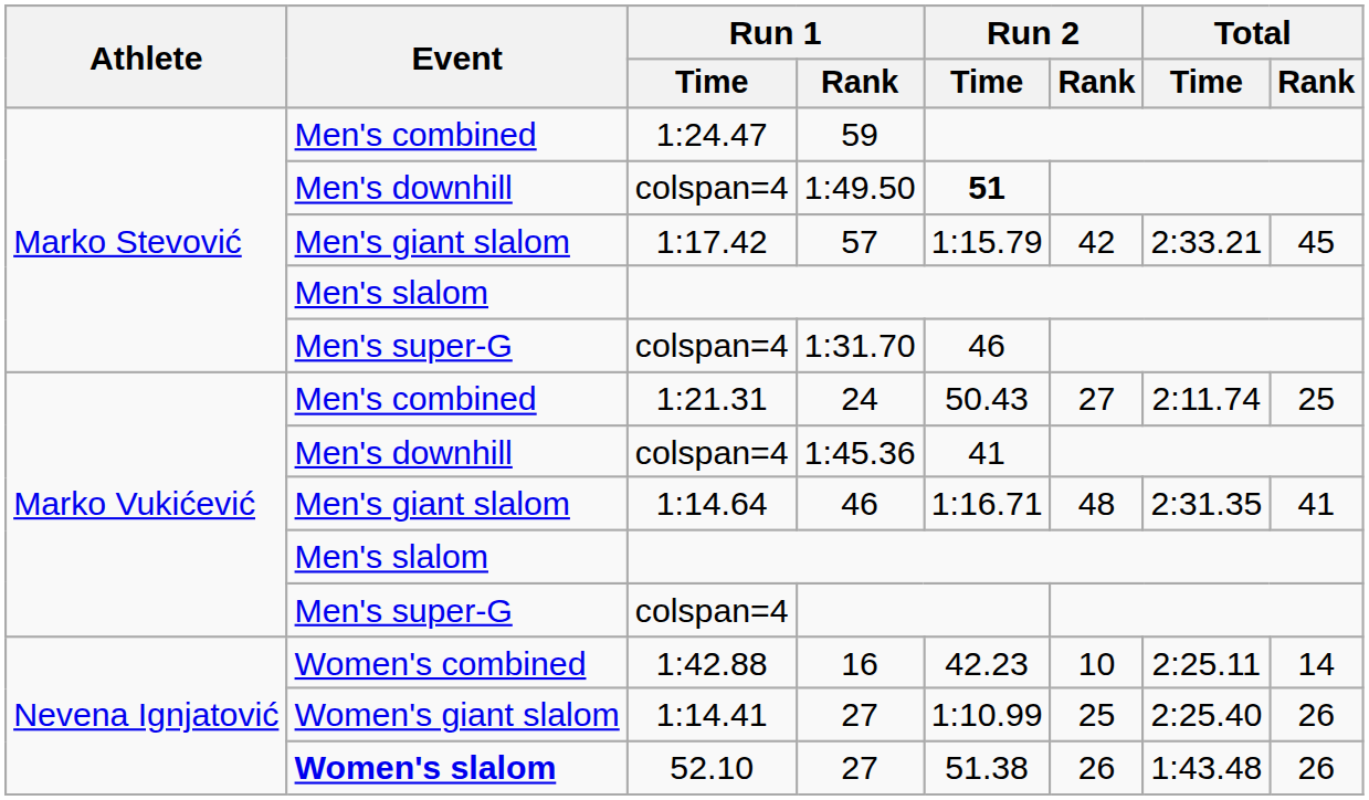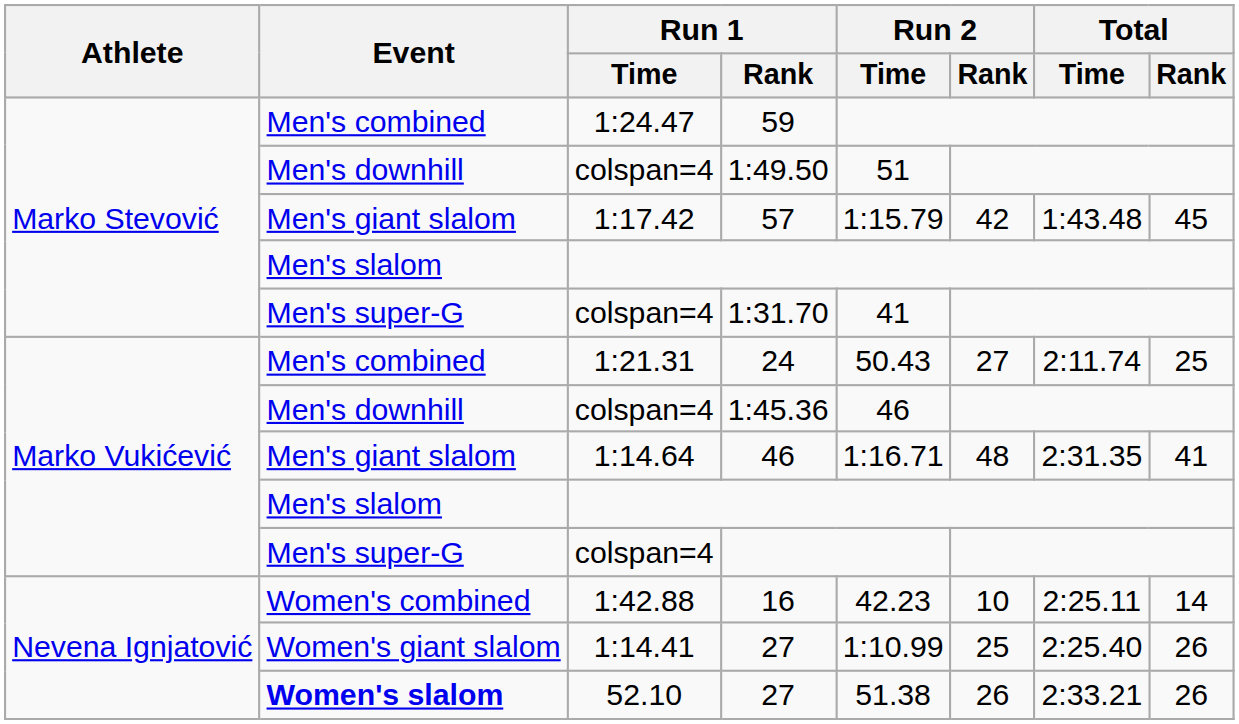 <table class="wikitable" style="font-size:90%">
 <tr>
 <th rowspan=2>Athlete</th>
 <th rowspan=2>Event</th>
 <th colspan=2>Run 1</th>
 <th colspan=2>Run 2</th>
 <th colspan=2>Total</th>
 </tr>
 <tr style="font-size:95%">
 <th>Time</th>
 <th>Rank</th>
 <th>Time</th>
 <th>Rank</th>
 <th>Time</th>
 <th>Rank</th>
 </tr>
 <tr align=center>
 <td style="text-align:left;" rowspan="5"><a href='#'>Marko Stevović</a></td>
 <td align=left><a href='#'>Men's combined</a></td>
 <td>1:24.47</td>
 <td>59</td>
 <td colspan=4></td>
 </tr>
 <tr align=center>
 <td align=left><a href='#'>Men's downhill</a></td>
 <td>colspan=4 </td>
 <td>1:49.50</td>
-<td><strong>51</strong></td>
+<td>51</td>
 </tr>
 <tr align=center>
 <td align=left><a href='#'>Men's giant slalom</a></td>
 <td>1:17.42</td>
 <td>57</td>
 <td>1:15.79</td>
 <td>42</td>
-<td>2:33.21</td>
+<td>1:43.48</td>
 <td>45</td>
 </tr>
 <tr align=center>
 <td align=left><a href='#'>Men's slalom</a></td>
 <td colspan=6></td>
 </tr>
 <tr align=center>
 <td align=left><a href='#'>Men's super-G</a></td>
 <td>colspan=4 </td>
 <td>1:31.70</td>
-<td>46</td>
+<td>41</td>
 </tr>
 <tr align=center>
 <td align=left rowspan=5><a href='#'>Marko Vukićević</a></td>
 <td align=left><a href='#'>Men's combined</a></td>
 <td>1:21.31</td>
 <td>24</td>
 <td>50.43</td>
 <td>27</td>
 <td>2:11.74</td>
 <td>25</td>
 </tr>
 <tr align=center>
 <td align=left><a href='#'>Men's downhill</a></td>
 <td>colspan=4 </td>
 <td>1:45.36</td>
-<td>41</td>
+<td>46</td>
 </tr>
 <tr align=center>
 <td align=left><a href='#'>Men's giant slalom</a></td>
 <td>1:14.64</td>
 <td>46</td>
 <td>1:16.71</td>
 <td>48</td>
 <td>2:31.35</td>
 <td>41</td>
 </tr>
 <tr align=center>
 <td align=left><a href='#'>Men's slalom</a></td>
 <td colspan=6></td>
 </tr>
 <tr align=center>
 <td align=left><a href='#'>Men's super-G</a></td>
 <td>colspan=4 </td>
 <td colspan=2></td>
 </tr>
 <tr align=center>
 <td style="text-align:left;" rowspan="3"><a href='#'>Nevena Ignjatović</a></td>
 <td align=left><a href='#'>Women's combined</a></td>
 <td>1:42.88</td>
 <td>16</td>
 <td>42.23</td>
 <td>10</td>
 <td>2:25.11</td>
 <td>14</td>
 </tr>
 <tr align=center>
 <td align=left><a href='#'>Women's giant slalom</a></td>
 <td>1:14.41</td>
 <td>27</td>
 <td>1:10.99</td>
 <td>25</td>
 <td>2:25.40</td>
 <td>26</td>
 </tr>
 <tr align=center>
 <td align=left><strong><a href='#'>Women's slalom</a></strong></td>
 <td>52.10</td>
 <td>27</td>
 <td>51.38</td>
 <td>26</td>
-<td>1:43.48</td>
+<td>2:33.21</td>
 <td>26</td>
 </tr>
 </table>
